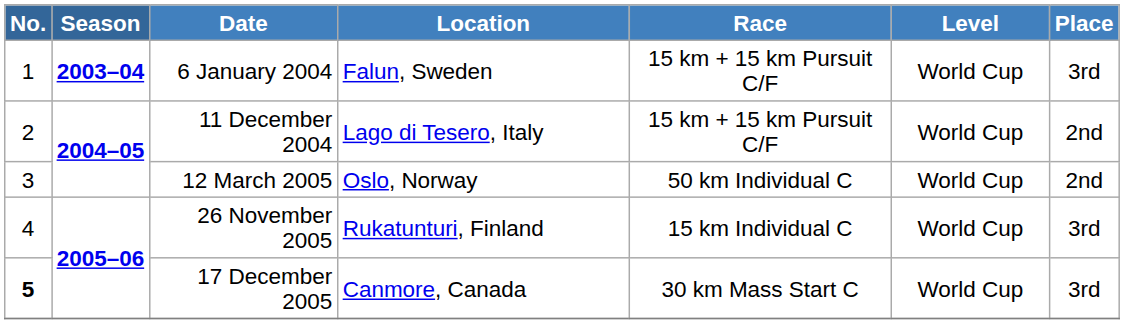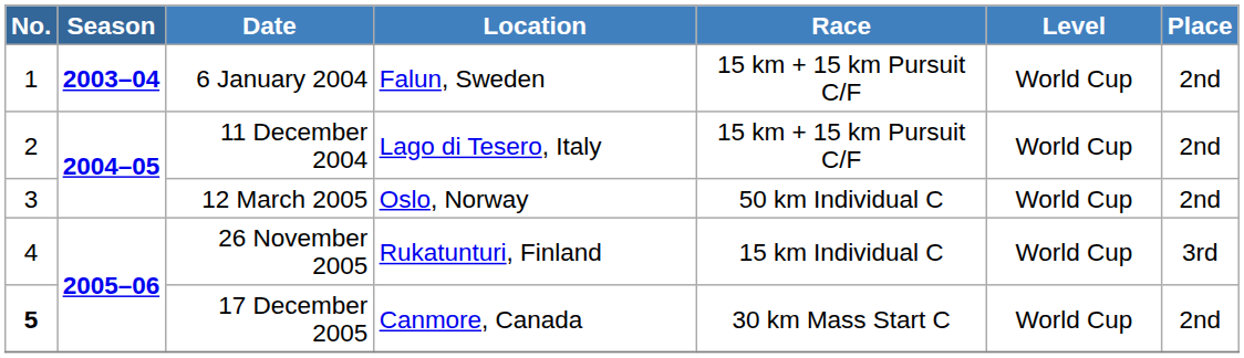 <table class="wikitable sortable" style="font-size:95%; text-align:center; border:grey solid 1px; border-collapse:collapse; background:#ffffff;">
 <tr style="background:#efefef;">
 <th style="background-color:#369; color:white;">No.</th>
 <th style="background-color:#369; color:white;">Season</th>
 <th style="background-color:#4180be; color:white; width:120px;">Date</th>
 <th style="background-color:#4180be; color:white; width:190px;">Location</th>
 <th style="background-color:#4180be; color:white; width:170px;">Race</th>
 <th style="background-color:#4180be; color:white; width:100px;">Level</th>
 <th style="background-color:#4180be; color:white;">Place</th>
 </tr>
 <tr>
 <td align=center>1</td>
 <td rowspan=1 align=center><strong><a href='#'>2003–04</a></strong></td>
 <td align=right>6 January 2004</td>
 <td align=left> <a href='#'>Falun</a>, Sweden</td>
 <td>15 km + 15 km Pursuit C/F</td>
 <td>World Cup</td>
-<td>3rd</td>
+<td>2nd</td>
 </tr>
 <tr>
 <td align=center>2</td>
 <td rowspan=2 align=center><strong><a href='#'>2004–05</a></strong></td>
 <td align=right>11 December 2004</td>
 <td align=left> <a href='#'>Lago di Tesero</a>, Italy</td>
 <td>15 km + 15 km Pursuit C/F</td>
 <td>World Cup</td>
 <td>2nd</td>
 </tr>
 <tr>
 <td align=center>3</td>
 <td align=right>12 March 2005</td>
 <td align=left> <a href='#'>Oslo</a>, Norway</td>
 <td>50 km Individual C</td>
 <td>World Cup</td>
 <td>2nd</td>
 </tr>
 <tr>
 <td align=center>4</td>
 <td rowspan=2 align=center><strong><a href='#'>2005–06</a></strong></td>
 <td align=right>26 November 2005</td>
 <td align=left> <a href='#'>Rukatunturi</a>, Finland</td>
 <td>15 km Individual C</td>
 <td>World Cup</td>
 <td>3rd</td>
 </tr>
 <tr>
 <td align=center><strong>5</strong></td>
 <td align=right>17 December 2005</td>
 <td align=left> <a href='#'>Canmore</a>, Canada</td>
 <td>30 km Mass Start C</td>
 <td>World Cup</td>
-<td>3rd</td>
+<td>2nd</td>
 </tr>
 <tr>
 </tr>
 </table>
